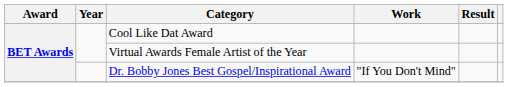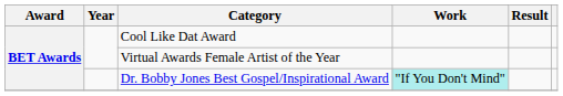 <table class="wikitable sortable plainrowheaders">
 <tr>
 <th scope="col">Award</th>
 <th scope="col">Year</th>
 <th scope="col">Category</th>
 <th scope="col">Work</th>
 <th scope="col">Result</th>
 <th scope="col" class="unsortable"></th>
 </tr>
 <tr>
 <th scope="row" rowspan="3"><a href='#'>BET Awards</a></th>
 <td rowspan="2"></td>
 <td>Cool Like Dat Award</td>
 <td></td>
 <td></td>
 <td></td>
 </tr>
 <tr>
 <td>Virtual Awards Female Artist of the Year</td>
 <td></td>
 <td></td>
 <td></td>
 </tr>
 <tr>
 <td></td>
 <td><a href='#'>Dr. Bobby Jones Best Gospel/Inspirational Award</a></td>
-<td>"If You Don't Mind"</td>
+<td style="background: paleturquoise;">"If You Don't Mind"</td>
 <td></td>
 <td></td>
 </tr>
 <tr>
 </tr>
 </table>
